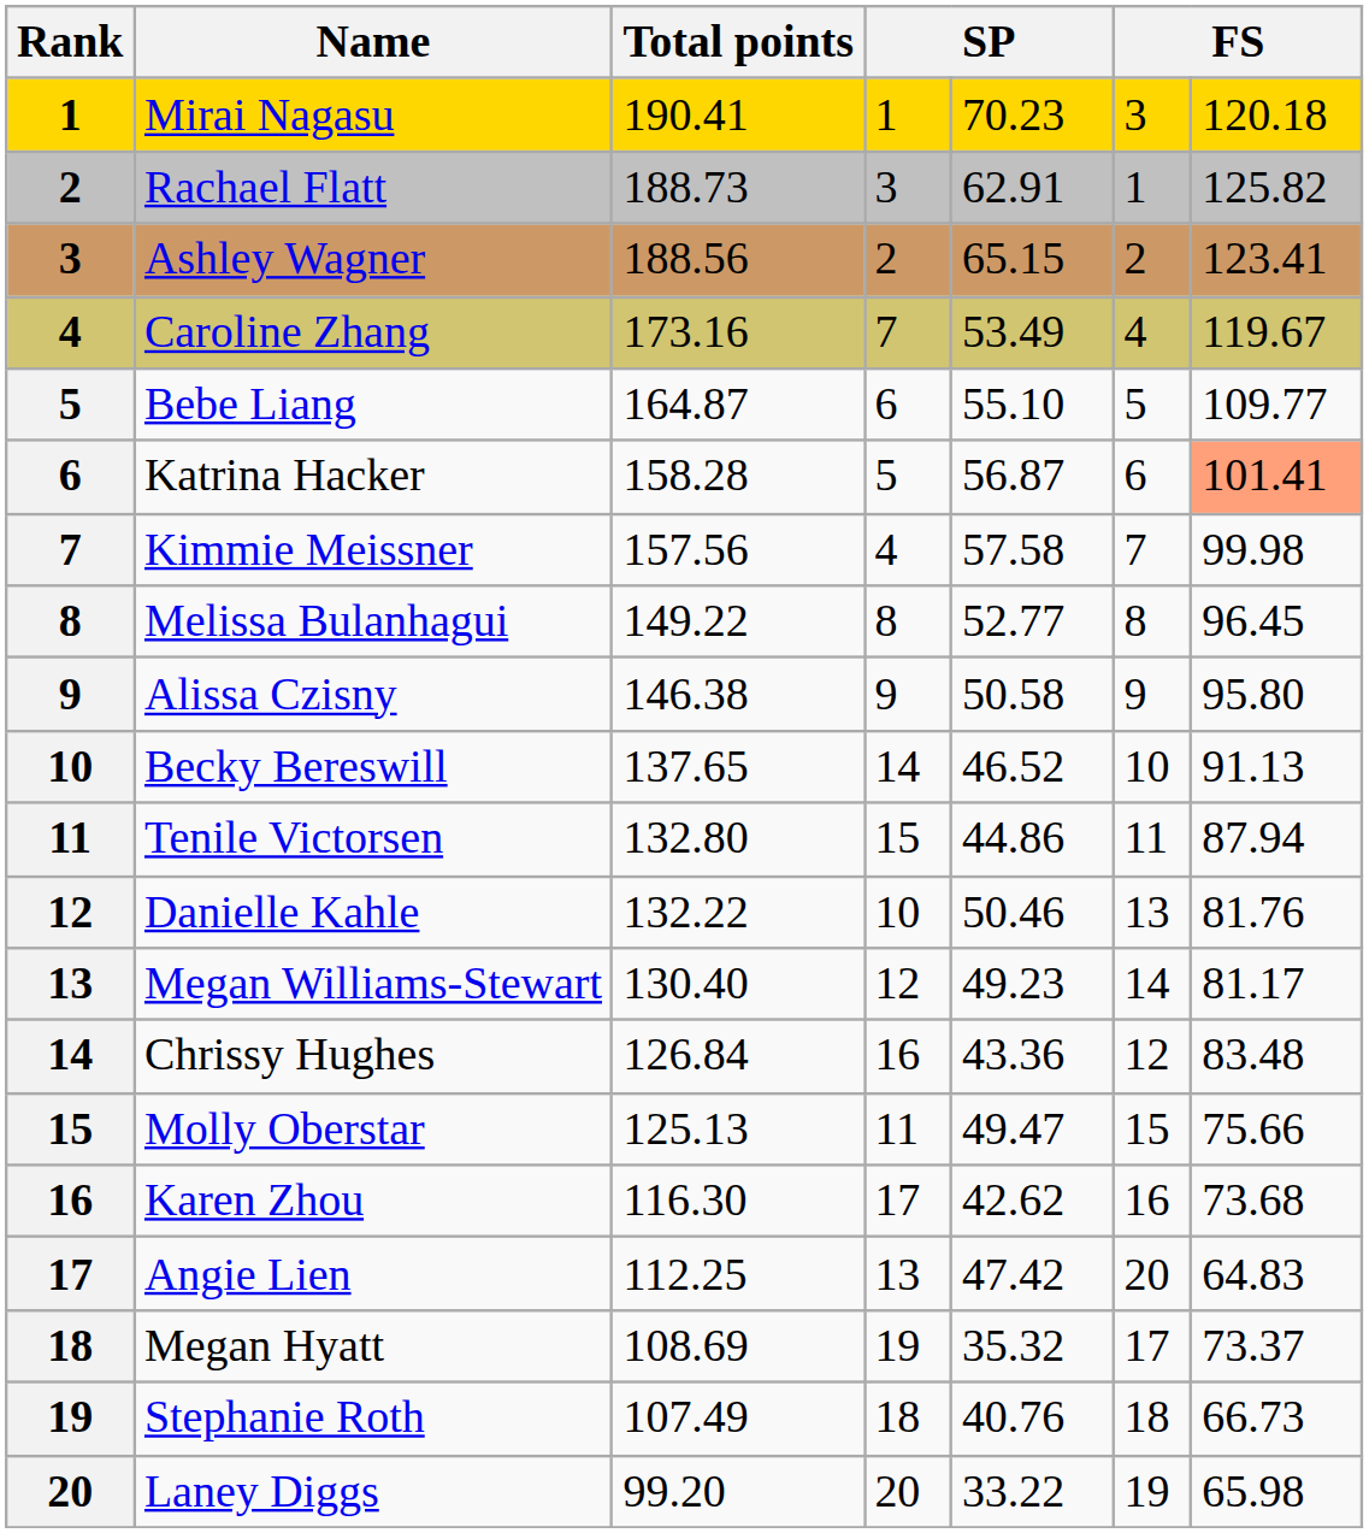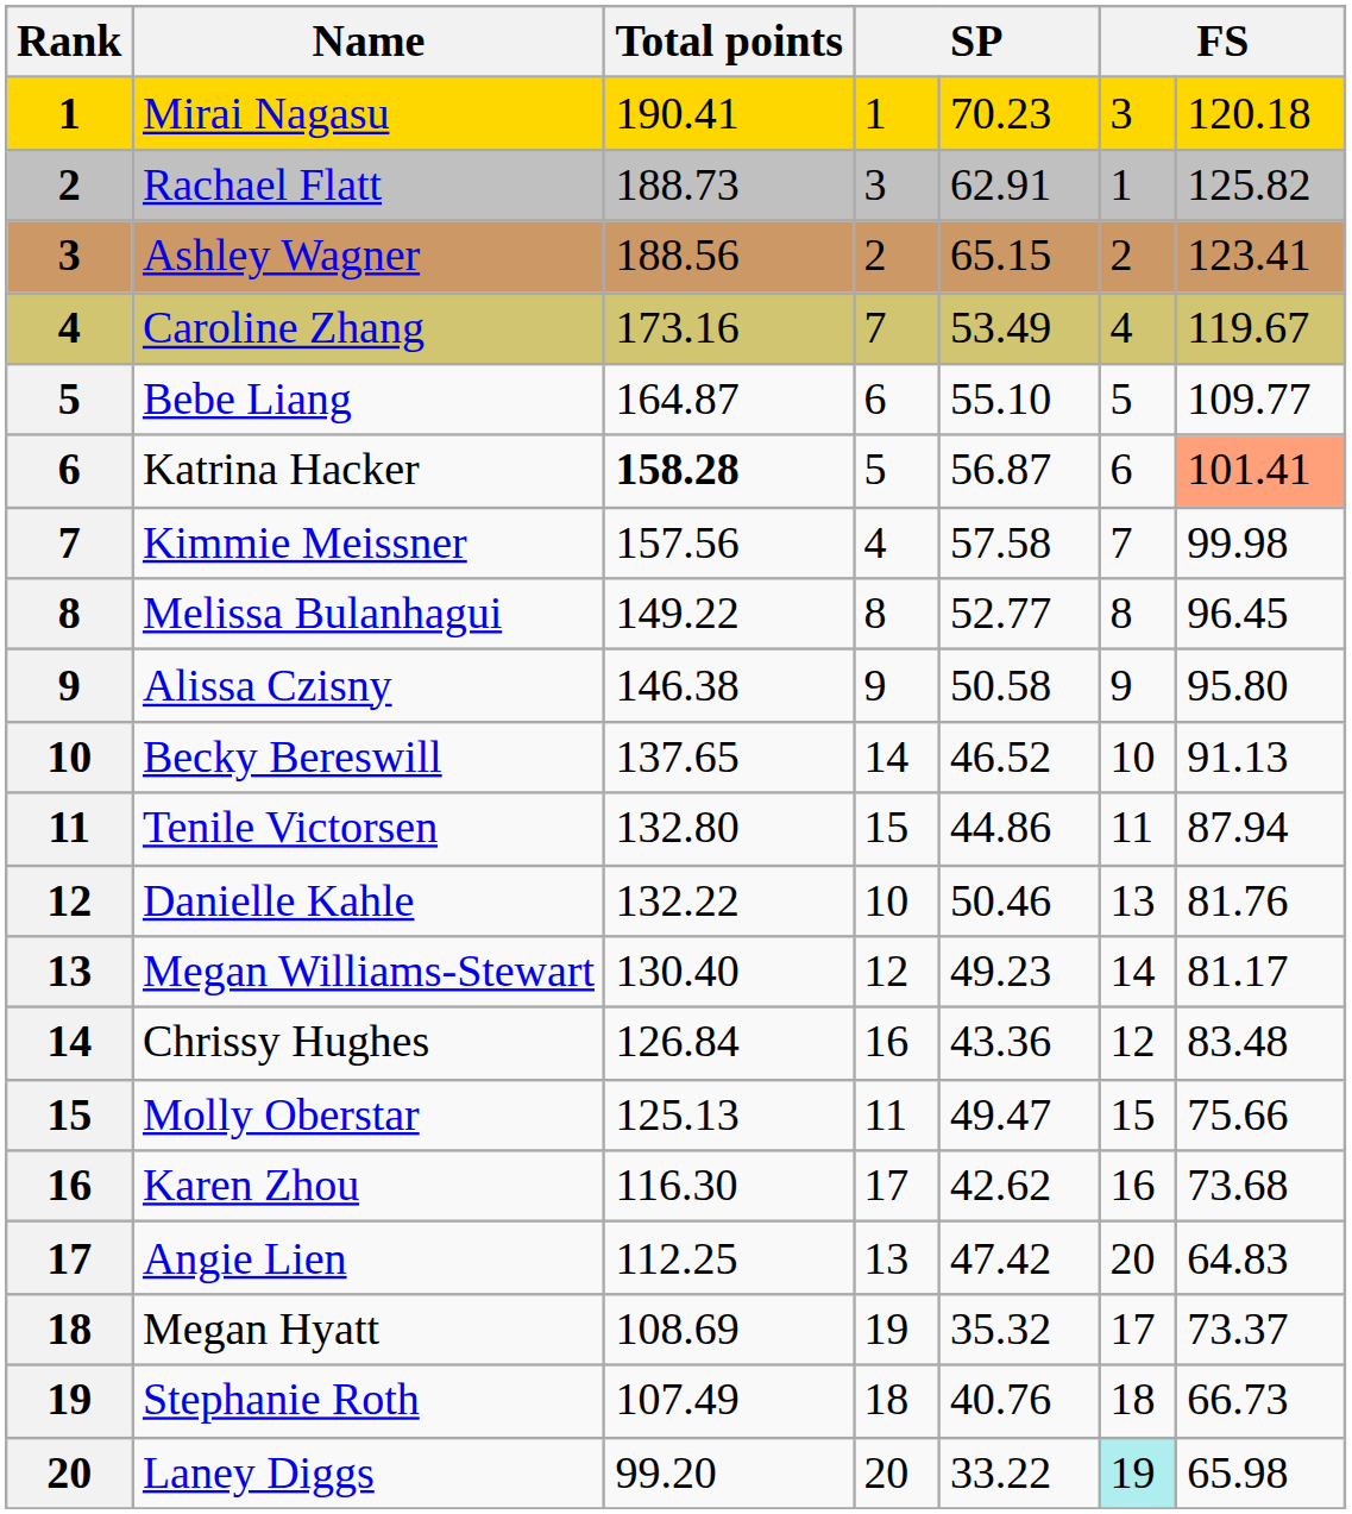 <table class="wikitable">
 <tr>
 <th>Rank</th>
 <th>Name</th>
 <th>Total points</th>
 <th colspan="2" width="80px">SP</th>
 <th colspan="2" width="80px">FS</th>
 </tr>
 <tr style="background:gold;">
 <td style="text-align:center;"><strong>1</strong></td>
 <td><a href='#'>Mirai Nagasu</a></td>
 <td>190.41</td>
 <td>1</td>
 <td>70.23</td>
 <td>3</td>
 <td>120.18</td>
 </tr>
 <tr style="background:silver;">
 <td style="text-align:center;"><strong>2</strong></td>
 <td><a href='#'>Rachael Flatt</a></td>
 <td>188.73</td>
 <td>3</td>
 <td>62.91</td>
 <td>1</td>
 <td>125.82</td>
 </tr>
 <tr style="background:#c96;">
 <td style="text-align:center;"><strong>3</strong></td>
 <td><a href='#'>Ashley Wagner</a></td>
 <td>188.56</td>
 <td>2</td>
 <td>65.15</td>
 <td>2</td>
 <td>123.41</td>
 </tr>
 <tr style="background:#d1c571;">
 <td style="text-align:center;"><strong>4</strong></td>
 <td><a href='#'>Caroline Zhang</a></td>
 <td>173.16</td>
 <td>7</td>
 <td>53.49</td>
 <td>4</td>
 <td>119.67</td>
 </tr>
 <tr>
 <th>5</th>
 <td><a href='#'>Bebe Liang</a></td>
 <td>164.87</td>
 <td>6</td>
 <td>55.10</td>
 <td>5</td>
 <td>109.77</td>
 </tr>
 <tr>
 <th>6</th>
 <td>Katrina Hacker</td>
-<td>158.28</td>
+<td><strong>158.28</strong></td>
 <td>5</td>
 <td>56.87</td>
 <td>6</td>
 <td style="background: lightsalmon;">101.41</td>
 </tr>
 <tr>
 <th>7</th>
 <td><a href='#'>Kimmie Meissner</a></td>
 <td>157.56</td>
 <td>4</td>
 <td>57.58</td>
 <td>7</td>
 <td>99.98</td>
 </tr>
 <tr>
 <th>8</th>
 <td><a href='#'>Melissa Bulanhagui</a></td>
 <td>149.22</td>
 <td>8</td>
 <td>52.77</td>
 <td>8</td>
 <td>96.45</td>
 </tr>
 <tr>
 <th>9</th>
 <td><a href='#'>Alissa Czisny</a></td>
 <td>146.38</td>
 <td>9</td>
 <td>50.58</td>
 <td>9</td>
 <td>95.80</td>
 </tr>
 <tr>
 <th>10</th>
 <td><a href='#'>Becky Bereswill</a></td>
 <td>137.65</td>
 <td>14</td>
 <td>46.52</td>
 <td>10</td>
 <td>91.13</td>
 </tr>
 <tr>
 <th>11</th>
 <td><a href='#'>Tenile Victorsen</a></td>
 <td>132.80</td>
 <td>15</td>
 <td>44.86</td>
 <td>11</td>
 <td>87.94</td>
 </tr>
 <tr>
 <th>12</th>
 <td><a href='#'>Danielle Kahle</a></td>
 <td>132.22</td>
 <td>10</td>
 <td>50.46</td>
 <td>13</td>
 <td>81.76</td>
 </tr>
 <tr>
 <th>13</th>
 <td><a href='#'>Megan Williams-Stewart</a></td>
 <td>130.40</td>
 <td>12</td>
 <td>49.23</td>
 <td>14</td>
 <td>81.17</td>
 </tr>
 <tr>
 <th>14</th>
 <td>Chrissy Hughes</td>
 <td>126.84</td>
 <td>16</td>
 <td>43.36</td>
 <td>12</td>
 <td>83.48</td>
 </tr>
 <tr>
 <th>15</th>
 <td><a href='#'>Molly Oberstar</a></td>
 <td>125.13</td>
 <td>11</td>
 <td>49.47</td>
 <td>15</td>
 <td>75.66</td>
 </tr>
 <tr>
 <th>16</th>
 <td><a href='#'>Karen Zhou</a></td>
 <td>116.30</td>
 <td>17</td>
 <td>42.62</td>
 <td>16</td>
 <td>73.68</td>
 </tr>
 <tr>
 <th>17</th>
 <td><a href='#'>Angie Lien</a></td>
 <td>112.25</td>
 <td>13</td>
 <td>47.42</td>
 <td>20</td>
 <td>64.83</td>
 </tr>
 <tr>
 <th>18</th>
 <td>Megan Hyatt</td>
 <td>108.69</td>
 <td>19</td>
 <td>35.32</td>
 <td>17</td>
 <td>73.37</td>
 </tr>
 <tr>
 <th>19</th>
 <td><a href='#'>Stephanie Roth</a></td>
 <td>107.49</td>
 <td>18</td>
 <td>40.76</td>
 <td>18</td>
 <td>66.73</td>
 </tr>
 <tr>
 <th>20</th>
 <td><a href='#'>Laney Diggs</a></td>
 <td>99.20</td>
 <td>20</td>
 <td>33.22</td>
-<td>19</td>
+<td style="background: paleturquoise;">19</td>
 <td>65.98</td>
 </tr>
 </table>
